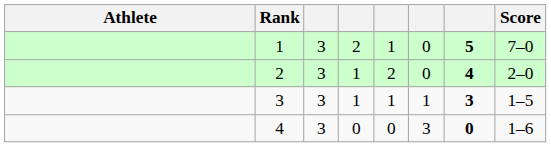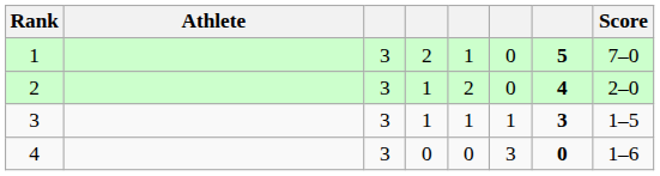 <table class="wikitable" style="text-align: center;">
 <tr>
+<th width=25>Rank</th>
 <th width=225>Athlete</th>
-<th width=25>Rank</th>
 <th width=25></th>
 <th width=25></th>
 <th width=25></th>
 <th width=25></th>
 <th width=40></th>
 <th width=40>Score</th>
 </tr>
 <tr bgcolor=ccffcc>
+<td>1</td>
 <td align=left></td>
-<td>1</td>
 <td>3</td>
 <td>2</td>
 <td>1</td>
 <td>0</td>
 <td><strong>5</strong></td>
 <td>7–0</td>
 </tr>
 <tr bgcolor=ccffcc>
+<td>2</td>
 <td align=left></td>
-<td>2</td>
 <td>3</td>
 <td>1</td>
 <td>2</td>
 <td>0</td>
 <td><strong>4</strong></td>
 <td>2–0</td>
 </tr>
 <tr>
+<td>3</td>
 <td align=left></td>
-<td>3</td>
 <td>3</td>
 <td>1</td>
 <td>1</td>
 <td>1</td>
 <td><strong>3</strong></td>
 <td>1–5</td>
 </tr>
 <tr>
+<td>4</td>
 <td align=left></td>
-<td>4</td>
 <td>3</td>
 <td>0</td>
 <td>0</td>
 <td>3</td>
 <td><strong>0</strong></td>
 <td>1–6</td>
 </tr>
 </table>
